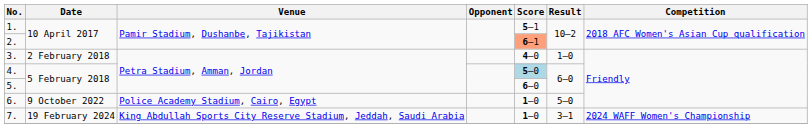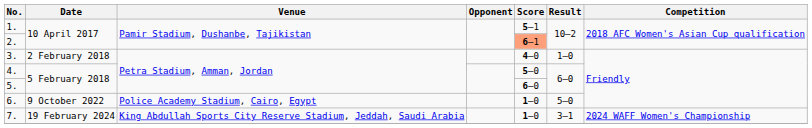 <table class="wikitable">
 <tr>
 <th>No.</th>
 <th>Date</th>
 <th>Venue</th>
 <th>Opponent</th>
 <th>Score</th>
 <th>Result</th>
 <th>Competition</th>
 </tr>
 <tr>
 <td>1.</td>
 <td rowspan=2>10 April 2017</td>
 <td rowspan=2><a href='#'>Pamir Stadium</a>, <a href='#'>Dushanbe</a>, <a href='#'>Tajikistan</a></td>
 <td rowspan=2></td>
 <td align=center><strong>5</strong>–1</td>
 <td rowspan=2 align=center>10–2</td>
 <td rowspan=2><a href='#'>2018 AFC Women's Asian Cup qualification</a></td>
 </tr>
 <tr>
 <td>2.</td>
 <td align=center style="background: lightsalmon;"><strong>6</strong>–1</td>
 </tr>
 <tr>
 <td>3.</td>
 <td>2 February 2018</td>
 <td rowspan=3><a href='#'>Petra Stadium</a>, <a href='#'>Amman</a>, <a href='#'>Jordan</a></td>
 <td></td>
 <td align=center><strong>4</strong>–0</td>
 <td align=center>1–0</td>
 <td rowspan=4><a href='#'>Friendly</a></td>
 </tr>
 <tr>
 <td>4.</td>
 <td rowspan=2>5 February 2018</td>
 <td rowspan=2></td>
-<td align=center style="background: lightblue;"><strong>5</strong>–0</td>
+<td align=center><strong>5</strong>–0</td>
 <td rowspan=2 align=center>6–0</td>
 </tr>
 <tr>
 <td>5.</td>
 <td align=center><strong>6</strong>–0</td>
 </tr>
 <tr>
 <td>6.</td>
 <td>9 October 2022</td>
 <td><a href='#'>Police Academy Stadium</a>, <a href='#'>Cairo</a>, <a href='#'>Egypt</a></td>
 <td></td>
 <td align=center><strong>1</strong>–0</td>
 <td align=center>5–0</td>
 </tr>
 <tr>
 <td>7.</td>
 <td>19 February 2024</td>
 <td><a href='#'>King Abdullah Sports City Reserve Stadium</a>, <a href='#'>Jeddah</a>, <a href='#'>Saudi Arabia</a></td>
 <td></td>
 <td align=center><strong>1</strong>–0</td>
 <td align=center>3–1</td>
 <td><a href='#'>2024 WAFF Women's Championship</a></td>
 </tr>
 <tr>
 </tr>
 </table>
